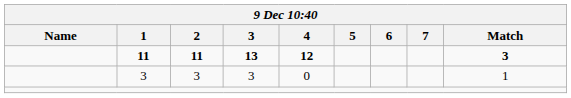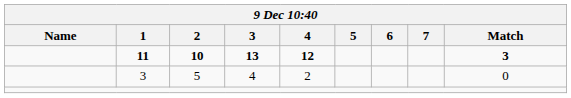 <table class=wikitable style="text-align:center; width: 55%">
 <tr>
 <th colspan=17><em> 9 Dec 10:40</em></th>
 </tr>
 <tr>
 <th>Name</th>
 <th>1</th>
 <th>2</th>
 <th>3</th>
 <th>4</th>
 <th>5</th>
 <th>6</th>
 <th>7</th>
 <th>Match</th>
 </tr>
 <tr>
 <td style="text-align:left;"><strong></strong></td>
 <td><strong>11</strong></td>
-<td><strong>11</strong></td>
+<td><strong>10</strong></td>
 <td><strong>13</strong></td>
 <td><strong>12</strong></td>
 <td></td>
 <td></td>
 <td></td>
 <td><strong>3</strong></td>
 </tr>
 <tr>
 <td style="text-align:left;"></td>
 <td>3</td>
-<td>3</td>
-<td>3</td>
-<td>0</td>
+<td>5</td>
+<td>4</td>
+<td>2</td>
 <td></td>
 <td></td>
 <td></td>
-<td>1</td>
+<td>0</td>
 </tr>
 <tr>
 <td colspan=17></td>
 </tr>
 </table>
